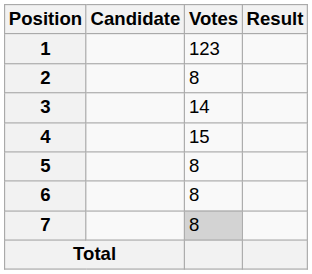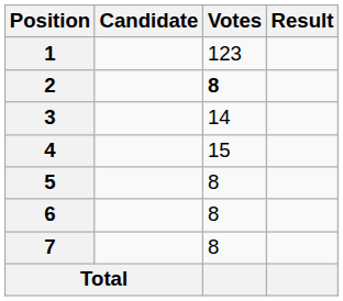 <table class="wikitable sortable col3right">
 <tr>
 <th scope="col">Position</th>
 <th scope="col">Candidate</th>
 <th scope="col">Votes</th>
 <th scope="col">Result</th>
 </tr>
 <tr>
 <th scope="row">1</th>
 <td></td>
 <td>123</td>
 <td></td>
 </tr>
 <tr>
 <th scope="row">2</th>
 <td></td>
-<td>8</td>
+<td><strong>8</strong></td>
 <td></td>
 </tr>
 <tr>
 <th scope="row">3</th>
 <td></td>
 <td>14</td>
 <td></td>
 </tr>
 <tr>
 <th scope="row">4</th>
 <td></td>
 <td>15</td>
 <td></td>
 </tr>
 <tr>
 <th scope="row">5</th>
 <td></td>
 <td>8</td>
 <td></td>
 </tr>
 <tr>
 <th scope="row">6</th>
 <td></td>
 <td>8</td>
 <td></td>
 </tr>
 <tr>
 <th scope="row">7</th>
 <td></td>
-<td style="background: lightgrey;">8</td>
+<td>8</td>
 <td></td>
 </tr>
 <tr class="sortbottom">
 <th scope="row" colspan="2">Total</th>
 <th></th>
 <th></th>
 </tr>
 </table>
